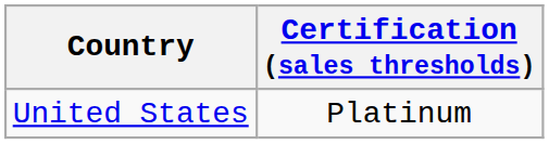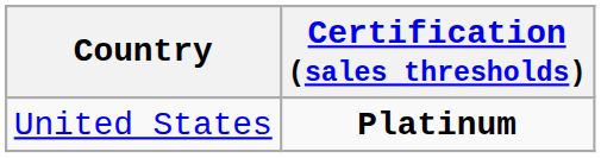 <table class="wikitable sortable">
 <tr>
 <th>Country</th>
 <th><a href='#'>Certification</a><br><small>(<a href='#'>sales thresholds</a>)</small></th>
 </tr>
 <tr>
 <td><a href='#'>United States</a></td>
-<td style="text-align:center;">Platinum</td>
+<td style="text-align:center;"><strong>Platinum</strong></td>
 </tr>
 </table>
